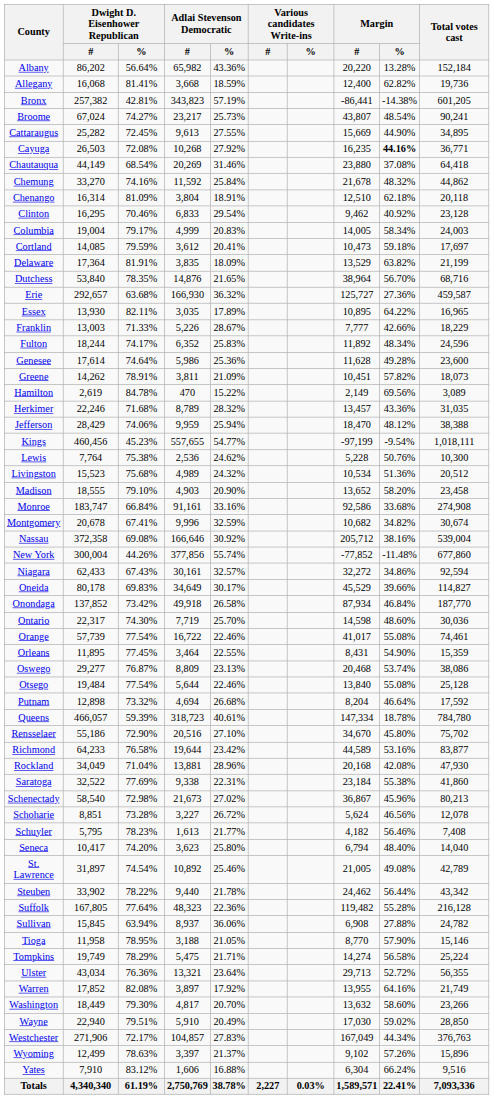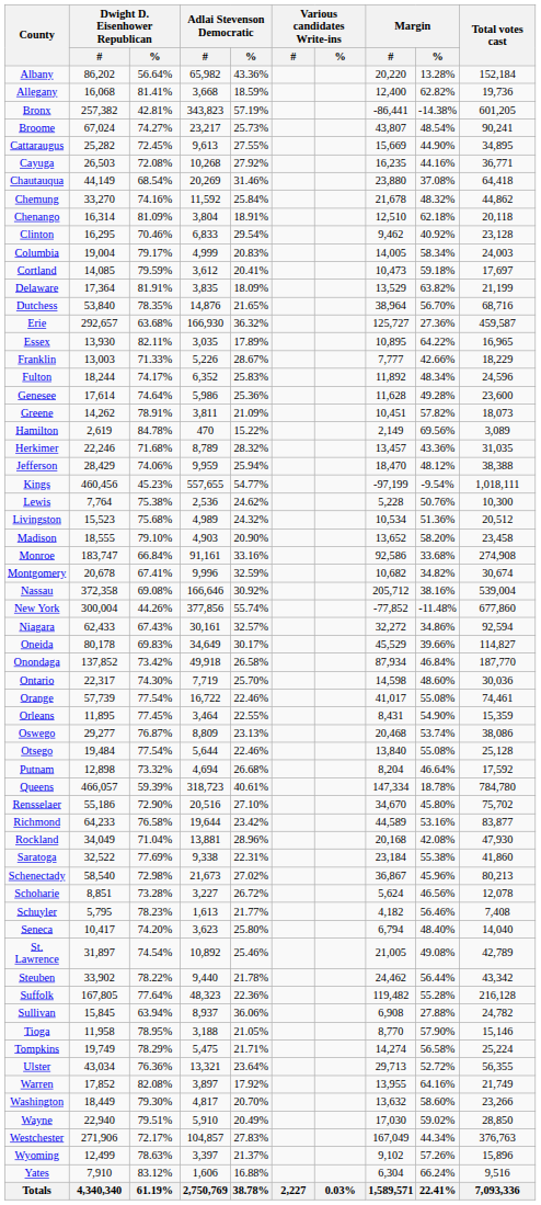 <table width="60%" class="wikitable sortable">
 <tr>
 <th style="text-align:center;" rowspan="2">County</th>
 <th style="text-align:center;" colspan="2">Dwight D. Eisenhower<br>Republican</th>
 <th style="text-align:center;" colspan="2">Adlai Stevenson<br>Democratic</th>
 <th style="text-align:center;" colspan="2">Various candidates<br>Write-ins</th>
 <th style="text-align:center;" colspan="2">Margin</th>
 <th style="text-align:center;" rowspan="2">Total votes cast</th>
 </tr>
 <tr>
 <th style="text-align:center;" data-sort-type="number">#</th>
 <th style="text-align:center;" data-sort-type="number">%</th>
 <th style="text-align:center;" data-sort-type="number">#</th>
 <th style="text-align:center;" data-sort-type="number">%</th>
 <th style="text-align:center;" data-sort-type="number">#</th>
 <th style="text-align:center;" data-sort-type="number">%</th>
 <th style="text-align:center;" data-sort-type="number">#</th>
 <th style="text-align:center;" data-sort-type="number">%</th>
 </tr>
 <tr style="text-align:center;">
 <td><a href='#'>Albany</a></td>
 <td>86,202</td>
 <td>56.64%</td>
 <td>65,982</td>
 <td>43.36%</td>
 <td></td>
 <td></td>
 <td>20,220</td>
 <td>13.28%</td>
 <td>152,184</td>
 </tr>
 <tr style="text-align:center;">
 <td><a href='#'>Allegany</a></td>
 <td>16,068</td>
 <td>81.41%</td>
 <td>3,668</td>
 <td>18.59%</td>
 <td></td>
 <td></td>
 <td>12,400</td>
 <td>62.82%</td>
 <td>19,736</td>
 </tr>
 <tr style="text-align:center;">
 <td><a href='#'>Bronx</a></td>
 <td>257,382</td>
 <td>42.81%</td>
 <td>343,823</td>
 <td>57.19%</td>
 <td></td>
 <td></td>
 <td>-86,441</td>
 <td>-14.38%</td>
 <td>601,205</td>
 </tr>
 <tr style="text-align:center;">
 <td><a href='#'>Broome</a></td>
 <td>67,024</td>
 <td>74.27%</td>
 <td>23,217</td>
 <td>25.73%</td>
 <td></td>
 <td></td>
 <td>43,807</td>
 <td>48.54%</td>
 <td>90,241</td>
 </tr>
 <tr style="text-align:center;">
 <td><a href='#'>Cattaraugus</a></td>
 <td>25,282</td>
 <td>72.45%</td>
 <td>9,613</td>
 <td>27.55%</td>
 <td></td>
 <td></td>
 <td>15,669</td>
 <td>44.90%</td>
 <td>34,895</td>
 </tr>
 <tr style="text-align:center;">
 <td><a href='#'>Cayuga</a></td>
 <td>26,503</td>
 <td>72.08%</td>
 <td>10,268</td>
 <td>27.92%</td>
 <td></td>
 <td></td>
 <td>16,235</td>
-<td><strong>44.16%</strong></td>
+<td>44.16%</td>
 <td>36,771</td>
 </tr>
 <tr style="text-align:center;">
 <td><a href='#'>Chautauqua</a></td>
 <td>44,149</td>
 <td>68.54%</td>
 <td>20,269</td>
 <td>31.46%</td>
 <td></td>
 <td></td>
 <td>23,880</td>
 <td>37.08%</td>
 <td>64,418</td>
 </tr>
 <tr style="text-align:center;">
 <td><a href='#'>Chemung</a></td>
 <td>33,270</td>
 <td>74.16%</td>
 <td>11,592</td>
 <td>25.84%</td>
 <td></td>
 <td></td>
 <td>21,678</td>
 <td>48.32%</td>
 <td>44,862</td>
 </tr>
 <tr style="text-align:center;">
 <td><a href='#'>Chenango</a></td>
 <td>16,314</td>
 <td>81.09%</td>
 <td>3,804</td>
 <td>18.91%</td>
 <td></td>
 <td></td>
 <td>12,510</td>
 <td>62.18%</td>
 <td>20,118</td>
 </tr>
 <tr style="text-align:center;">
 <td><a href='#'>Clinton</a></td>
 <td>16,295</td>
 <td>70.46%</td>
 <td>6,833</td>
 <td>29.54%</td>
 <td></td>
 <td></td>
 <td>9,462</td>
 <td>40.92%</td>
 <td>23,128</td>
 </tr>
 <tr style="text-align:center;">
 <td><a href='#'>Columbia</a></td>
 <td>19,004</td>
 <td>79.17%</td>
 <td>4,999</td>
 <td>20.83%</td>
 <td></td>
 <td></td>
 <td>14,005</td>
 <td>58.34%</td>
 <td>24,003</td>
 </tr>
 <tr style="text-align:center;">
 <td><a href='#'>Cortland</a></td>
 <td>14,085</td>
 <td>79.59%</td>
 <td>3,612</td>
 <td>20.41%</td>
 <td></td>
 <td></td>
 <td>10,473</td>
 <td>59.18%</td>
 <td>17,697</td>
 </tr>
 <tr style="text-align:center;">
 <td><a href='#'>Delaware</a></td>
 <td>17,364</td>
 <td>81.91%</td>
 <td>3,835</td>
 <td>18.09%</td>
 <td></td>
 <td></td>
 <td>13,529</td>
 <td>63.82%</td>
 <td>21,199</td>
 </tr>
 <tr style="text-align:center;">
 <td><a href='#'>Dutchess</a></td>
 <td>53,840</td>
 <td>78.35%</td>
 <td>14,876</td>
 <td>21.65%</td>
 <td></td>
 <td></td>
 <td>38,964</td>
 <td>56.70%</td>
 <td>68,716</td>
 </tr>
 <tr style="text-align:center;">
 <td><a href='#'>Erie</a></td>
 <td>292,657</td>
 <td>63.68%</td>
 <td>166,930</td>
 <td>36.32%</td>
 <td></td>
 <td></td>
 <td>125,727</td>
 <td>27.36%</td>
 <td>459,587</td>
 </tr>
 <tr style="text-align:center;">
 <td><a href='#'>Essex</a></td>
 <td>13,930</td>
 <td>82.11%</td>
 <td>3,035</td>
 <td>17.89%</td>
 <td></td>
 <td></td>
 <td>10,895</td>
 <td>64.22%</td>
 <td>16,965</td>
 </tr>
 <tr style="text-align:center;">
 <td><a href='#'>Franklin</a></td>
 <td>13,003</td>
 <td>71.33%</td>
 <td>5,226</td>
 <td>28.67%</td>
 <td></td>
 <td></td>
 <td>7,777</td>
 <td>42.66%</td>
 <td>18,229</td>
 </tr>
 <tr style="text-align:center;">
 <td><a href='#'>Fulton</a></td>
 <td>18,244</td>
 <td>74.17%</td>
 <td>6,352</td>
 <td>25.83%</td>
 <td></td>
 <td></td>
 <td>11,892</td>
 <td>48.34%</td>
 <td>24,596</td>
 </tr>
 <tr style="text-align:center;">
 <td><a href='#'>Genesee</a></td>
 <td>17,614</td>
 <td>74.64%</td>
 <td>5,986</td>
 <td>25.36%</td>
 <td></td>
 <td></td>
 <td>11,628</td>
 <td>49.28%</td>
 <td>23,600</td>
 </tr>
 <tr style="text-align:center;">
 <td><a href='#'>Greene</a></td>
 <td>14,262</td>
 <td>78.91%</td>
 <td>3,811</td>
 <td>21.09%</td>
 <td></td>
 <td></td>
 <td>10,451</td>
 <td>57.82%</td>
 <td>18,073</td>
 </tr>
 <tr style="text-align:center;">
 <td><a href='#'>Hamilton</a></td>
 <td>2,619</td>
 <td>84.78%</td>
 <td>470</td>
 <td>15.22%</td>
 <td></td>
 <td></td>
 <td>2,149</td>
 <td>69.56%</td>
 <td>3,089</td>
 </tr>
 <tr style="text-align:center;">
 <td><a href='#'>Herkimer</a></td>
 <td>22,246</td>
 <td>71.68%</td>
 <td>8,789</td>
 <td>28.32%</td>
 <td></td>
 <td></td>
 <td>13,457</td>
 <td>43.36%</td>
 <td>31,035</td>
 </tr>
 <tr style="text-align:center;">
 <td><a href='#'>Jefferson</a></td>
 <td>28,429</td>
 <td>74.06%</td>
 <td>9,959</td>
 <td>25.94%</td>
 <td></td>
 <td></td>
 <td>18,470</td>
 <td>48.12%</td>
 <td>38,388</td>
 </tr>
 <tr style="text-align:center;">
 <td><a href='#'>Kings</a></td>
 <td>460,456</td>
 <td>45.23%</td>
 <td>557,655</td>
 <td>54.77%</td>
 <td></td>
 <td></td>
 <td>-97,199</td>
 <td>-9.54%</td>
 <td>1,018,111</td>
 </tr>
 <tr style="text-align:center;">
 <td><a href='#'>Lewis</a></td>
 <td>7,764</td>
 <td>75.38%</td>
 <td>2,536</td>
 <td>24.62%</td>
 <td></td>
 <td></td>
 <td>5,228</td>
 <td>50.76%</td>
 <td>10,300</td>
 </tr>
 <tr style="text-align:center;">
 <td><a href='#'>Livingston</a></td>
 <td>15,523</td>
 <td>75.68%</td>
 <td>4,989</td>
 <td>24.32%</td>
 <td></td>
 <td></td>
 <td>10,534</td>
 <td>51.36%</td>
 <td>20,512</td>
 </tr>
 <tr style="text-align:center;">
 <td><a href='#'>Madison</a></td>
 <td>18,555</td>
 <td>79.10%</td>
 <td>4,903</td>
 <td>20.90%</td>
 <td></td>
 <td></td>
 <td>13,652</td>
 <td>58.20%</td>
 <td>23,458</td>
 </tr>
 <tr style="text-align:center;">
 <td><a href='#'>Monroe</a></td>
 <td>183,747</td>
 <td>66.84%</td>
 <td>91,161</td>
 <td>33.16%</td>
 <td></td>
 <td></td>
 <td>92,586</td>
 <td>33.68%</td>
 <td>274,908</td>
 </tr>
 <tr style="text-align:center;">
 <td><a href='#'>Montgomery</a></td>
 <td>20,678</td>
 <td>67.41%</td>
 <td>9,996</td>
 <td>32.59%</td>
 <td></td>
 <td></td>
 <td>10,682</td>
 <td>34.82%</td>
 <td>30,674</td>
 </tr>
 <tr style="text-align:center;">
 <td><a href='#'>Nassau</a></td>
 <td>372,358</td>
 <td>69.08%</td>
 <td>166,646</td>
 <td>30.92%</td>
 <td></td>
 <td></td>
 <td>205,712</td>
 <td>38.16%</td>
 <td>539,004</td>
 </tr>
 <tr style="text-align:center;">
 <td><a href='#'>New York</a></td>
 <td>300,004</td>
 <td>44.26%</td>
 <td>377,856</td>
 <td>55.74%</td>
 <td></td>
 <td></td>
 <td>-77,852</td>
 <td>-11.48%</td>
 <td>677,860</td>
 </tr>
 <tr style="text-align:center;">
 <td><a href='#'>Niagara</a></td>
 <td>62,433</td>
 <td>67.43%</td>
 <td>30,161</td>
 <td>32.57%</td>
 <td></td>
 <td></td>
 <td>32,272</td>
 <td>34.86%</td>
 <td>92,594</td>
 </tr>
 <tr style="text-align:center;">
 <td><a href='#'>Oneida</a></td>
 <td>80,178</td>
 <td>69.83%</td>
 <td>34,649</td>
 <td>30.17%</td>
 <td></td>
 <td></td>
 <td>45,529</td>
 <td>39.66%</td>
 <td>114,827</td>
 </tr>
 <tr style="text-align:center;">
 <td><a href='#'>Onondaga</a></td>
 <td>137,852</td>
 <td>73.42%</td>
 <td>49,918</td>
 <td>26.58%</td>
 <td></td>
 <td></td>
 <td>87,934</td>
 <td>46.84%</td>
 <td>187,770</td>
 </tr>
 <tr style="text-align:center;">
 <td><a href='#'>Ontario</a></td>
 <td>22,317</td>
 <td>74.30%</td>
 <td>7,719</td>
 <td>25.70%</td>
 <td></td>
 <td></td>
 <td>14,598</td>
 <td>48.60%</td>
 <td>30,036</td>
 </tr>
 <tr style="text-align:center;">
 <td><a href='#'>Orange</a></td>
 <td>57,739</td>
 <td>77.54%</td>
 <td>16,722</td>
 <td>22.46%</td>
 <td></td>
 <td></td>
 <td>41,017</td>
 <td>55.08%</td>
 <td>74,461</td>
 </tr>
 <tr style="text-align:center;">
 <td><a href='#'>Orleans</a></td>
 <td>11,895</td>
 <td>77.45%</td>
 <td>3,464</td>
 <td>22.55%</td>
 <td></td>
 <td></td>
 <td>8,431</td>
 <td>54.90%</td>
 <td>15,359</td>
 </tr>
 <tr style="text-align:center;">
 <td><a href='#'>Oswego</a></td>
 <td>29,277</td>
 <td>76.87%</td>
 <td>8,809</td>
 <td>23.13%</td>
 <td></td>
 <td></td>
 <td>20,468</td>
 <td>53.74%</td>
 <td>38,086</td>
 </tr>
 <tr style="text-align:center;">
 <td><a href='#'>Otsego</a></td>
 <td>19,484</td>
 <td>77.54%</td>
 <td>5,644</td>
 <td>22.46%</td>
 <td></td>
 <td></td>
 <td>13,840</td>
 <td>55.08%</td>
 <td>25,128</td>
 </tr>
 <tr style="text-align:center;">
 <td><a href='#'>Putnam</a></td>
 <td>12,898</td>
 <td>73.32%</td>
 <td>4,694</td>
 <td>26.68%</td>
 <td></td>
 <td></td>
 <td>8,204</td>
 <td>46.64%</td>
 <td>17,592</td>
 </tr>
 <tr style="text-align:center;">
 <td><a href='#'>Queens</a></td>
 <td>466,057</td>
 <td>59.39%</td>
 <td>318,723</td>
 <td>40.61%</td>
 <td></td>
 <td></td>
 <td>147,334</td>
 <td>18.78%</td>
 <td>784,780</td>
 </tr>
 <tr style="text-align:center;">
 <td><a href='#'>Rensselaer</a></td>
 <td>55,186</td>
 <td>72.90%</td>
 <td>20,516</td>
 <td>27.10%</td>
 <td></td>
 <td></td>
 <td>34,670</td>
 <td>45.80%</td>
 <td>75,702</td>
 </tr>
 <tr style="text-align:center;">
 <td><a href='#'>Richmond</a></td>
 <td>64,233</td>
 <td>76.58%</td>
 <td>19,644</td>
 <td>23.42%</td>
 <td></td>
 <td></td>
 <td>44,589</td>
 <td>53.16%</td>
 <td>83,877</td>
 </tr>
 <tr style="text-align:center;">
 <td><a href='#'>Rockland</a></td>
 <td>34,049</td>
 <td>71.04%</td>
 <td>13,881</td>
 <td>28.96%</td>
 <td></td>
 <td></td>
 <td>20,168</td>
 <td>42.08%</td>
 <td>47,930</td>
 </tr>
 <tr style="text-align:center;">
 <td><a href='#'>Saratoga</a></td>
 <td>32,522</td>
 <td>77.69%</td>
 <td>9,338</td>
 <td>22.31%</td>
 <td></td>
 <td></td>
 <td>23,184</td>
 <td>55.38%</td>
 <td>41,860</td>
 </tr>
 <tr style="text-align:center;">
 <td><a href='#'>Schenectady</a></td>
 <td>58,540</td>
 <td>72.98%</td>
 <td>21,673</td>
 <td>27.02%</td>
 <td></td>
 <td></td>
 <td>36,867</td>
 <td>45.96%</td>
 <td>80,213</td>
 </tr>
 <tr style="text-align:center;">
 <td><a href='#'>Schoharie</a></td>
 <td>8,851</td>
 <td>73.28%</td>
 <td>3,227</td>
 <td>26.72%</td>
 <td></td>
 <td></td>
 <td>5,624</td>
 <td>46.56%</td>
 <td>12,078</td>
 </tr>
 <tr style="text-align:center;">
 <td><a href='#'>Schuyler</a></td>
 <td>5,795</td>
 <td>78.23%</td>
 <td>1,613</td>
 <td>21.77%</td>
 <td></td>
 <td></td>
 <td>4,182</td>
 <td>56.46%</td>
 <td>7,408</td>
 </tr>
 <tr style="text-align:center;">
 <td><a href='#'>Seneca</a></td>
 <td>10,417</td>
 <td>74.20%</td>
 <td>3,623</td>
 <td>25.80%</td>
 <td></td>
 <td></td>
 <td>6,794</td>
 <td>48.40%</td>
 <td>14,040</td>
 </tr>
 <tr style="text-align:center;">
 <td><a href='#'>St. Lawrence</a></td>
 <td>31,897</td>
 <td>74.54%</td>
 <td>10,892</td>
 <td>25.46%</td>
 <td></td>
 <td></td>
 <td>21,005</td>
 <td>49.08%</td>
 <td>42,789</td>
 </tr>
 <tr style="text-align:center;">
 <td><a href='#'>Steuben</a></td>
 <td>33,902</td>
 <td>78.22%</td>
 <td>9,440</td>
 <td>21.78%</td>
 <td></td>
 <td></td>
 <td>24,462</td>
 <td>56.44%</td>
 <td>43,342</td>
 </tr>
 <tr style="text-align:center;">
 <td><a href='#'>Suffolk</a></td>
 <td>167,805</td>
 <td>77.64%</td>
 <td>48,323</td>
 <td>22.36%</td>
 <td></td>
 <td></td>
 <td>119,482</td>
 <td>55.28%</td>
 <td>216,128</td>
 </tr>
 <tr style="text-align:center;">
 <td><a href='#'>Sullivan</a></td>
 <td>15,845</td>
 <td>63.94%</td>
 <td>8,937</td>
 <td>36.06%</td>
 <td></td>
 <td></td>
 <td>6,908</td>
 <td>27.88%</td>
 <td>24,782</td>
 </tr>
 <tr style="text-align:center;">
 <td><a href='#'>Tioga</a></td>
 <td>11,958</td>
 <td>78.95%</td>
 <td>3,188</td>
 <td>21.05%</td>
 <td></td>
 <td></td>
 <td>8,770</td>
 <td>57.90%</td>
 <td>15,146</td>
 </tr>
 <tr style="text-align:center;">
 <td><a href='#'>Tompkins</a></td>
 <td>19,749</td>
 <td>78.29%</td>
 <td>5,475</td>
 <td>21.71%</td>
 <td></td>
 <td></td>
 <td>14,274</td>
 <td>56.58%</td>
 <td>25,224</td>
 </tr>
 <tr style="text-align:center;">
 <td><a href='#'>Ulster</a></td>
 <td>43,034</td>
 <td>76.36%</td>
 <td>13,321</td>
 <td>23.64%</td>
 <td></td>
 <td></td>
 <td>29,713</td>
 <td>52.72%</td>
 <td>56,355</td>
 </tr>
 <tr style="text-align:center;">
 <td><a href='#'>Warren</a></td>
 <td>17,852</td>
 <td>82.08%</td>
 <td>3,897</td>
 <td>17.92%</td>
 <td></td>
 <td></td>
 <td>13,955</td>
 <td>64.16%</td>
 <td>21,749</td>
 </tr>
 <tr style="text-align:center;">
 <td><a href='#'>Washington</a></td>
 <td>18,449</td>
 <td>79.30%</td>
 <td>4,817</td>
 <td>20.70%</td>
 <td></td>
 <td></td>
 <td>13,632</td>
 <td>58.60%</td>
 <td>23,266</td>
 </tr>
 <tr style="text-align:center;">
 <td><a href='#'>Wayne</a></td>
 <td>22,940</td>
 <td>79.51%</td>
 <td>5,910</td>
 <td>20.49%</td>
 <td></td>
 <td></td>
 <td>17,030</td>
 <td>59.02%</td>
 <td>28,850</td>
 </tr>
 <tr style="text-align:center;">
 <td><a href='#'>Westchester</a></td>
 <td>271,906</td>
 <td>72.17%</td>
 <td>104,857</td>
 <td>27.83%</td>
 <td></td>
 <td></td>
 <td>167,049</td>
 <td>44.34%</td>
 <td>376,763</td>
 </tr>
 <tr style="text-align:center;">
 <td><a href='#'>Wyoming</a></td>
 <td>12,499</td>
 <td>78.63%</td>
 <td>3,397</td>
 <td>21.37%</td>
 <td></td>
 <td></td>
 <td>9,102</td>
 <td>57.26%</td>
 <td>15,896</td>
 </tr>
 <tr style="text-align:center;">
 <td><a href='#'>Yates</a></td>
 <td>7,910</td>
 <td>83.12%</td>
 <td>1,606</td>
 <td>16.88%</td>
 <td></td>
 <td></td>
 <td>6,304</td>
 <td>66.24%</td>
 <td>9,516</td>
 </tr>
 <tr style="text-align:center;">
 <th>Totals</th>
 <th>4,340,340</th>
 <th>61.19%</th>
 <th>2,750,769</th>
 <th>38.78%</th>
 <th>2,227</th>
 <th>0.03%</th>
 <th>1,589,571</th>
 <th>22.41%</th>
 <th>7,093,336</th>
 </tr>
 </table>
